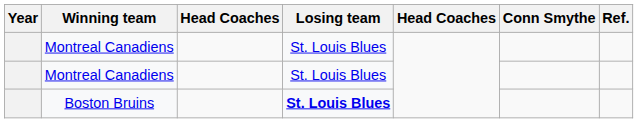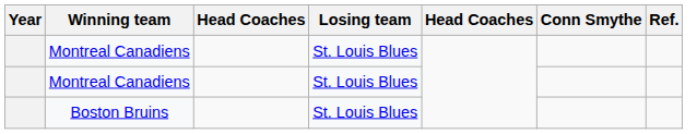 <table class="wikitable sortable sticky-header plainrowheaders" style="font-size:1.00em; line-height:1.5em; text-align:center;">
 <tr>
 <th scope="col">Year</th>
 <th scope="col">Winning team</th>
 <th scope="col">Head Coaches</th>
 <th scope="col">Losing team</th>
 <th scope="col">Head Coaches</th>
 <th scope="col">Conn Smythe</th>
 <th scope="col">Ref.</th>
 </tr>
 <tr>
 <th scope="row" style="text-align:center"></th>
 <td style="background:#f8f9fa;"><a href='#'>Montreal Canadiens</a></td>
 <td></td>
 <td style="background:#f8f9fa;"><a href='#'>St. Louis Blues</a></td>
 <td rowspan="3"></td>
 <td></td>
 <td></td>
 </tr>
 <tr>
 <th scope="row" style="text-align:center"></th>
 <td style="background:#f8f9fa;"><a href='#'>Montreal Canadiens</a></td>
 <td></td>
 <td style="background:#f8f9fa;"><a href='#'>St. Louis Blues</a></td>
 <td></td>
 <td></td>
 </tr>
 <tr>
 <th scope="row" style="text-align:center"></th>
 <td style="background:#f8f9fa;"><a href='#'>Boston Bruins</a></td>
 <td></td>
-<td style="background:#f8f9fa;"><strong><a href='#'>St. Louis Blues</a></strong></td>
+<td style="background:#f8f9fa;"><a href='#'>St. Louis Blues</a></td>
 <td></td>
 <td></td>
 </tr>
 </table>
